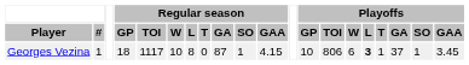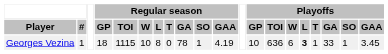 <table BORDER="0" CELLPADDING="3" CELLSPACING="2" ID="Table1">
 <tr ALIGN="center" bgcolor="#c0c0c0">
 <th ALIGN="center" colspan="2" bgcolor="#ffffff"> </th>
 <th ALIGN="center" rowspan="99" bgcolor="#ffffff"> </th>
 <th ALIGN="center" colspan="8">Regular season</th>
 <th ALIGN="center" rowspan="99" bgcolor="#ffffff"> </th>
 <th ALIGN="center" colspan="8">Playoffs</th>
 </tr>
 <tr ALIGN="center" bgcolor="#c0c0c0">
 <th ALIGN="center">Player</th>
 <th ALIGN="center">#</th>
 <th ALIGN="center">GP</th>
 <th ALIGN="center">TOI</th>
 <th ALIGN="center">W</th>
 <th ALIGN="center">L</th>
 <th ALIGN="center">T</th>
 <th ALIGN="center">GA</th>
 <th ALIGN="center">SO</th>
 <th ALIGN="center">GAA</th>
 <th ALIGN="center">GP</th>
 <th ALIGN="center">TOI</th>
 <th ALIGN="center">W</th>
 <th ALIGN="center">L</th>
 <th ALIGN="center'">T</th>
 <th ALIGN="center">GA</th>
 <th ALIGN="center">SO</th>
 <th ALIGN="center">GAA</th>
 </tr>
 <tr bgcolor="#f0f0f0">
 <td><a href='#'>Georges Vezina</a></td>
 <td>1</td>
 <td>18</td>
-<td>1117</td>
+<td>1115</td>
 <td>10</td>
 <td>8</td>
 <td>0</td>
-<td>87</td>
+<td>78</td>
 <td>1</td>
-<td>4.15</td>
+<td>4.19</td>
 <td>10</td>
-<td>806</td>
+<td>636</td>
 <td>6</td>
 <td><strong>3</strong></td>
 <td>1</td>
-<td>37</td>
+<td>33</td>
 <td>1</td>
 <td>3.45</td>
 </tr>
 </table>
